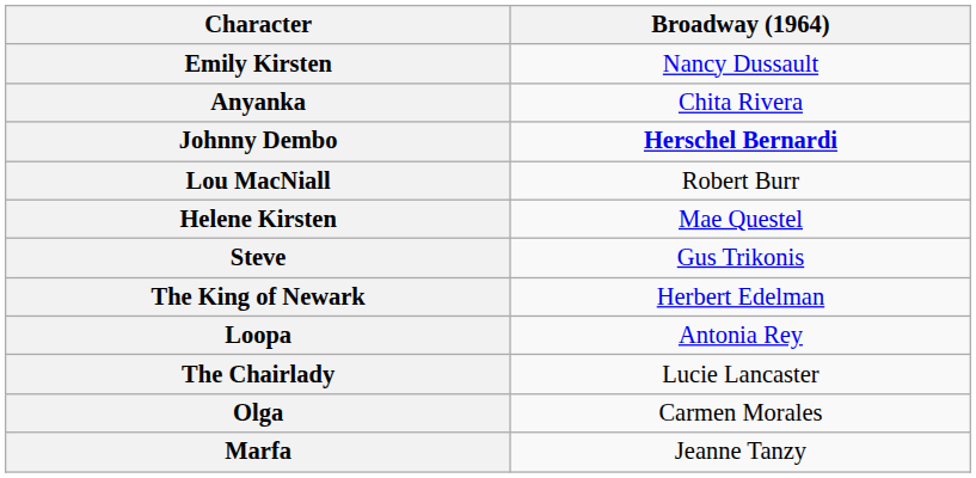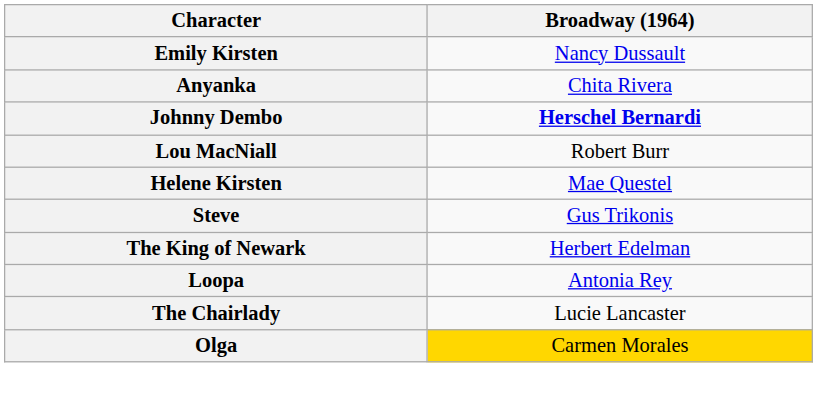 <table class="wikitable" style="width:50%; text-align:center">
 <tr>
 <th scope="col">Character</th>
 <th>Broadway (1964)</th>
 </tr>
 <tr>
 <th>Emily Kirsten</th>
 <td colspan="1"><a href='#'>Nancy Dussault</a></td>
 </tr>
 <tr>
 <th>Anyanka</th>
 <td colspan="1”"><a href='#'>Chita Rivera</a></td>
 </tr>
 <tr>
 <th>Johnny Dembo</th>
 <td colspan="1”"><strong><a href='#'>Herschel Bernardi</a></strong></td>
 </tr>
 <tr>
 <th>Lou MacNiall</th>
 <td colspan="1">Robert Burr</td>
 </tr>
 <tr>
 <th>Helene Kirsten</th>
 <td colspan="1"><a href='#'>Mae Questel</a></td>
 </tr>
 <tr>
 <th>Steve</th>
 <td colspan="1"><a href='#'>Gus Trikonis</a></td>
 </tr>
 <tr>
 <th>The King of Newark</th>
 <td colspan="1"><a href='#'>Herbert Edelman</a></td>
 </tr>
 <tr>
 <th>Loopa</th>
 <td colspan="1"><a href='#'>Antonia Rey</a></td>
 </tr>
 <tr>
 <th>The Chairlady</th>
 <td colspan="1">Lucie Lancaster</td>
 </tr>
 <tr>
 <th>Olga</th>
-<td colspan="1">Carmen Morales</td>
-</tr>
-<tr>
-<th>Marfa</th>
-<td colspan="1">Jeanne Tanzy</td>
+<td colspan="1" style="background: gold;">Carmen Morales</td>
 </tr>
 </table>
